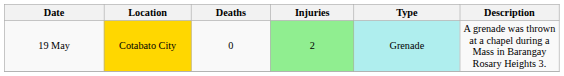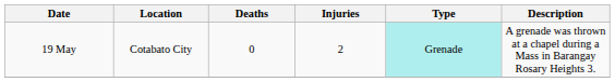 <table class="wikitable sortable" style="text-align: center;">
 <tr>
 <th width="6%">Date</th>
 <th width="4%">Location</th>
 <th width="4%">Deaths</th>
 <th width="4%">Injuries</th>
 <th width="6%">Type</th>
 <th width="4%">Description</th>
 </tr>
 <tr>
 <td>19 May</td>
-<td style="background: gold;">Cotabato City</td>
+<td>Cotabato City</td>
 <td>0</td>
-<td style="background: lightgreen;">2</td>
+<td>2</td>
 <td style="background: paleturquoise;">Grenade</td>
 <td>A grenade was thrown at a chapel during a Mass in Barangay Rosary Heights 3.</td>
 </tr>
 <tr>
 </tr>
 </table>
